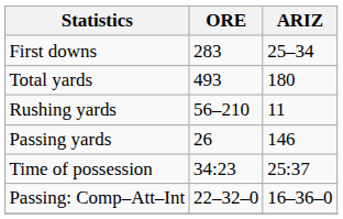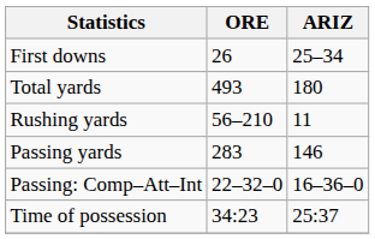 <table class="wikitable" style="float: left;">
 <tr>
 <th>Statistics</th>
 <th>ORE</th>
 <th>ARIZ</th>
 </tr>
 <tr>
 <td>First downs</td>
-<td>283</td>
+<td>26</td>
 <td>25–34</td>
 </tr>
 <tr>
 <td>Total yards</td>
 <td>493</td>
 <td>180</td>
 </tr>
 <tr>
 <td>Rushing yards</td>
 <td>56–210</td>
 <td>11</td>
 </tr>
 <tr>
 <td>Passing yards</td>
-<td>26</td>
+<td>283</td>
 <td>146</td>
+</tr>
+<tr>
+<td>Passing: Comp–Att–Int</td>
+<td>22–32–0</td>
+<td>16–36–0</td>
 </tr>
 <tr>
 <td>Time of possession</td>
 <td>34:23</td>
 <td>25:37</td>
 </tr>
 <tr>
-<td>Passing: Comp–Att–Int</td>
-<td>22–32–0</td>
-<td>16–36–0</td>
-</tr>
-<tr>
 </tr>
 </table>
